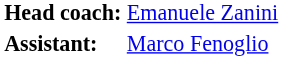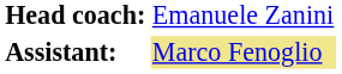 <table>
 <tr>
 <td><strong>Head coach:</strong></td>
 <td><a href='#'>Emanuele Zanini</a></td>
 </tr>
 <tr>
 <td><strong>Assistant:</strong></td>
-<td><a href='#'>Marco Fenoglio</a></td>
+<td style="background: khaki;"><a href='#'>Marco Fenoglio</a></td>
 </tr>
 </table>
